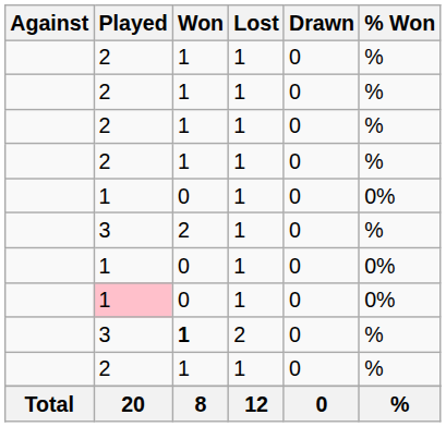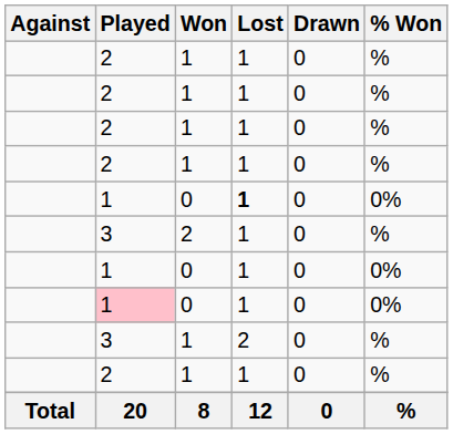 <table class="sortable wikitable" style="font-size: 87%;">
 <tr>
 <th>Against</th>
 <th>Played</th>
 <th>Won</th>
 <th>Lost</th>
 <th>Drawn</th>
 <th>% Won</th>
 </tr>
 <tr>
 <td align="left"></td>
 <td>2</td>
 <td>1</td>
 <td>1</td>
 <td>0</td>
 <td>%</td>
 </tr>
 <tr>
 <td align="left"></td>
 <td>2</td>
 <td>1</td>
 <td>1</td>
 <td>0</td>
 <td>%</td>
 </tr>
 <tr>
 <td align="left"></td>
 <td>2</td>
 <td>1</td>
 <td>1</td>
 <td>0</td>
 <td>%</td>
 </tr>
 <tr>
 <td align="left"></td>
 <td>2</td>
 <td>1</td>
 <td>1</td>
 <td>0</td>
 <td>%</td>
 </tr>
 <tr>
 <td align="left"></td>
 <td>1</td>
 <td>0</td>
-<td>1</td>
+<td><strong>1</strong></td>
 <td>0</td>
 <td>0%</td>
 </tr>
 <tr>
 <td align="left"></td>
 <td>3</td>
 <td>2</td>
 <td>1</td>
 <td>0</td>
 <td>%</td>
 </tr>
 <tr>
 <td align="left"></td>
 <td>1</td>
 <td>0</td>
 <td>1</td>
 <td>0</td>
 <td>0%</td>
 </tr>
 <tr>
 <td align="left"></td>
 <td style="background: pink;">1</td>
 <td>0</td>
 <td>1</td>
 <td>0</td>
 <td>0%</td>
 </tr>
 <tr>
 <td align="left"></td>
 <td>3</td>
-<td><strong>1</strong></td>
+<td>1</td>
 <td>2</td>
 <td>0</td>
 <td>%</td>
 </tr>
 <tr>
 <td align="left"></td>
 <td>2</td>
 <td>1</td>
 <td>1</td>
 <td>0</td>
 <td>%</td>
 </tr>
 <tr>
 </tr>
 <tr align="left" | >
 <th>Total</th>
 <th>20</th>
 <th>8</th>
 <th>12</th>
 <th>0</th>
 <th>%</th>
 </tr>
 </table>
